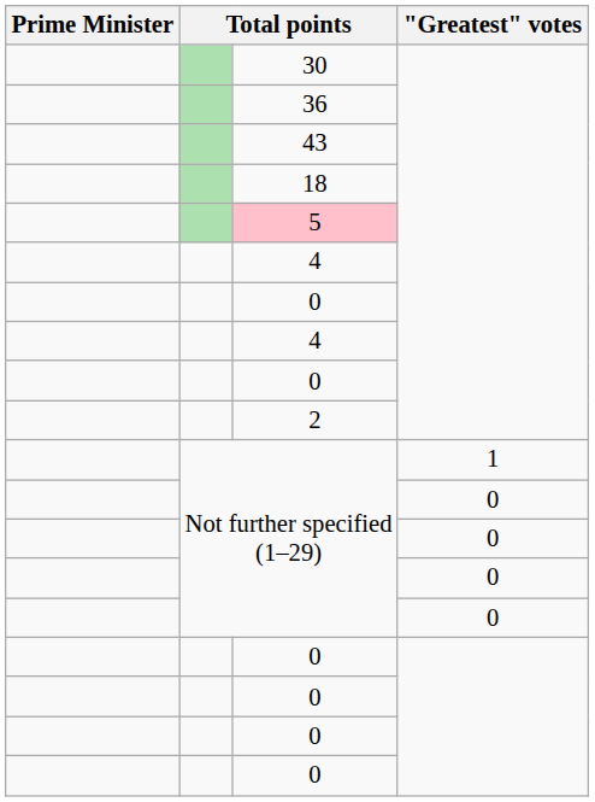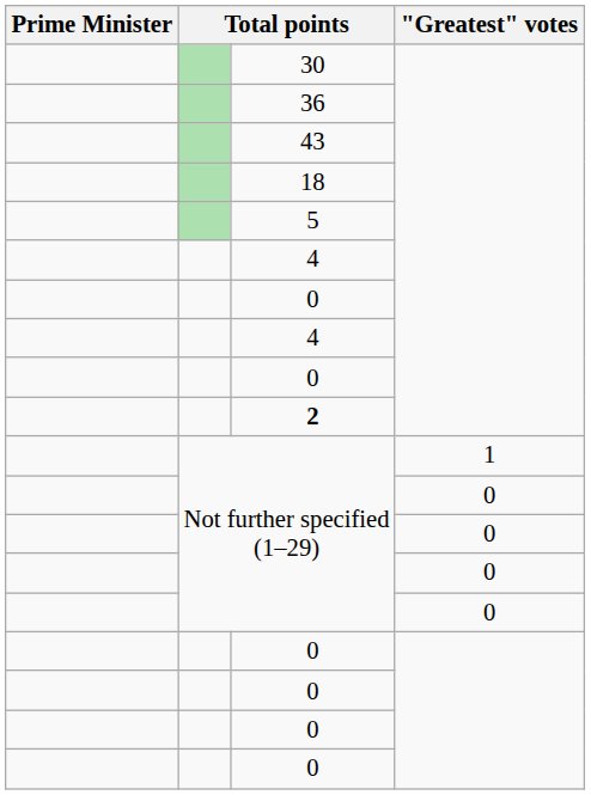 <table class="wikitable sortable">
 <tr>
 <th>Prime Minister</th>
 <th colspan=2>Total points</th>
 <th>"Greatest" votes</th>
 </tr>
 <tr align=center>
 <td></td>
 <td style="background:#ACE1AF"></td>
 <td>30</td>
 </tr>
 <tr align=center>
 <td></td>
 <td style="background:#ACE1AF"></td>
 <td>36</td>
 </tr>
 <tr align=center>
 <td></td>
 <td style="background:#ACE1AF"></td>
 <td>43</td>
 </tr>
 <tr align=center>
 <td></td>
 <td style="background:#ACE1AF"></td>
 <td>18</td>
 </tr>
 <tr align=center>
 <td></td>
 <td style="background:#ACE1AF"></td>
-<td style="background: pink;">5</td>
+<td>5</td>
 </tr>
 <tr align=center>
 <td></td>
 <td></td>
 <td>4</td>
 </tr>
 <tr align=center>
 <td></td>
 <td></td>
 <td>0</td>
 </tr>
 <tr align=center>
 <td></td>
 <td></td>
 <td>4</td>
 </tr>
 <tr align=center>
 <td></td>
 <td></td>
 <td>0</td>
 </tr>
 <tr align=center>
 <td></td>
 <td></td>
-<td>2</td>
+<td><strong>2</strong></td>
 </tr>
 <tr align=center>
 <td></td>
 <td colspan=2 rowspan=5>Not further specified<br>(1–29)</td>
 <td>1</td>
 </tr>
 <tr align=center>
 <td></td>
 <td>0</td>
 </tr>
 <tr align=center>
 <td></td>
 <td>0</td>
 </tr>
 <tr align=center>
 <td></td>
 <td>0</td>
 </tr>
 <tr align=center>
 <td></td>
 <td>0</td>
 </tr>
 <tr align=center>
 <td></td>
 <td></td>
 <td>0</td>
 </tr>
 <tr align=center>
 <td></td>
 <td></td>
 <td>0</td>
 </tr>
 <tr align=center>
 <td></td>
 <td></td>
 <td>0</td>
 </tr>
 <tr align=center>
 <td></td>
 <td></td>
 <td>0</td>
 </tr>
 </table>
